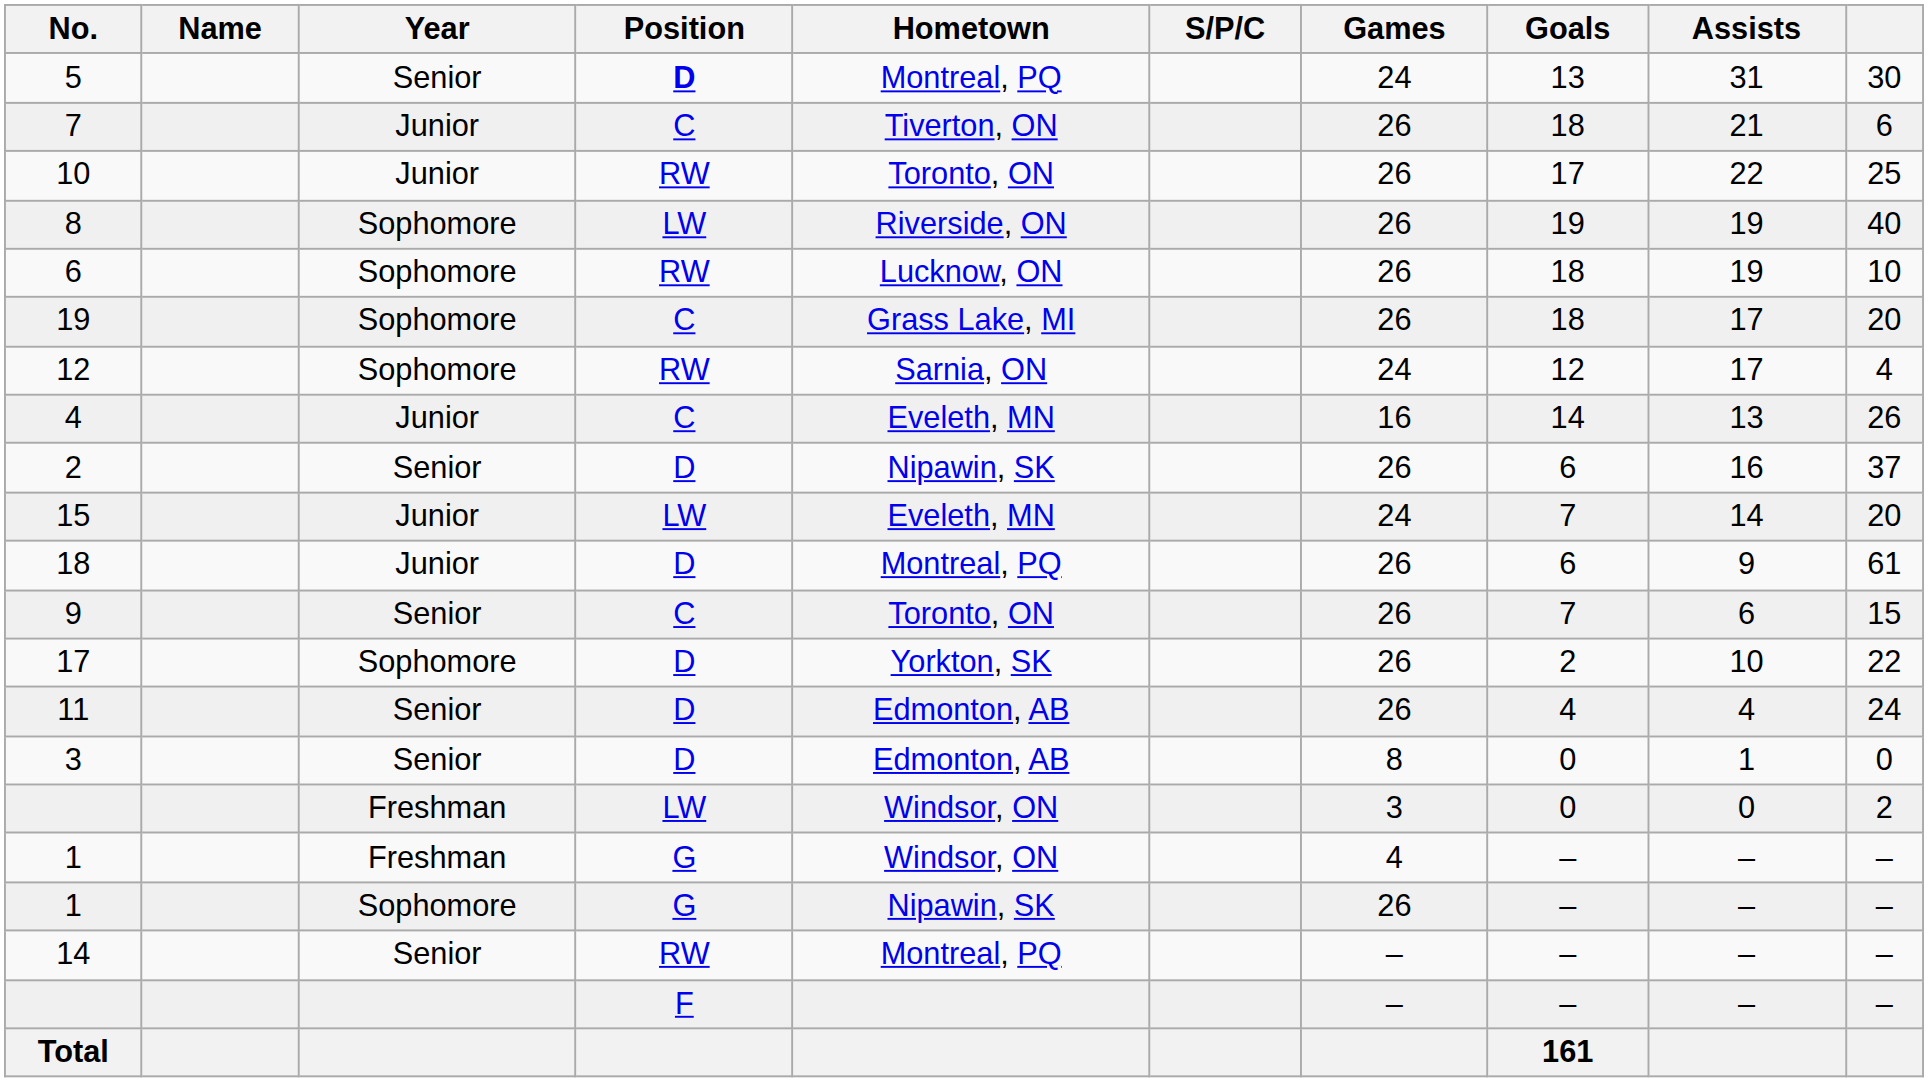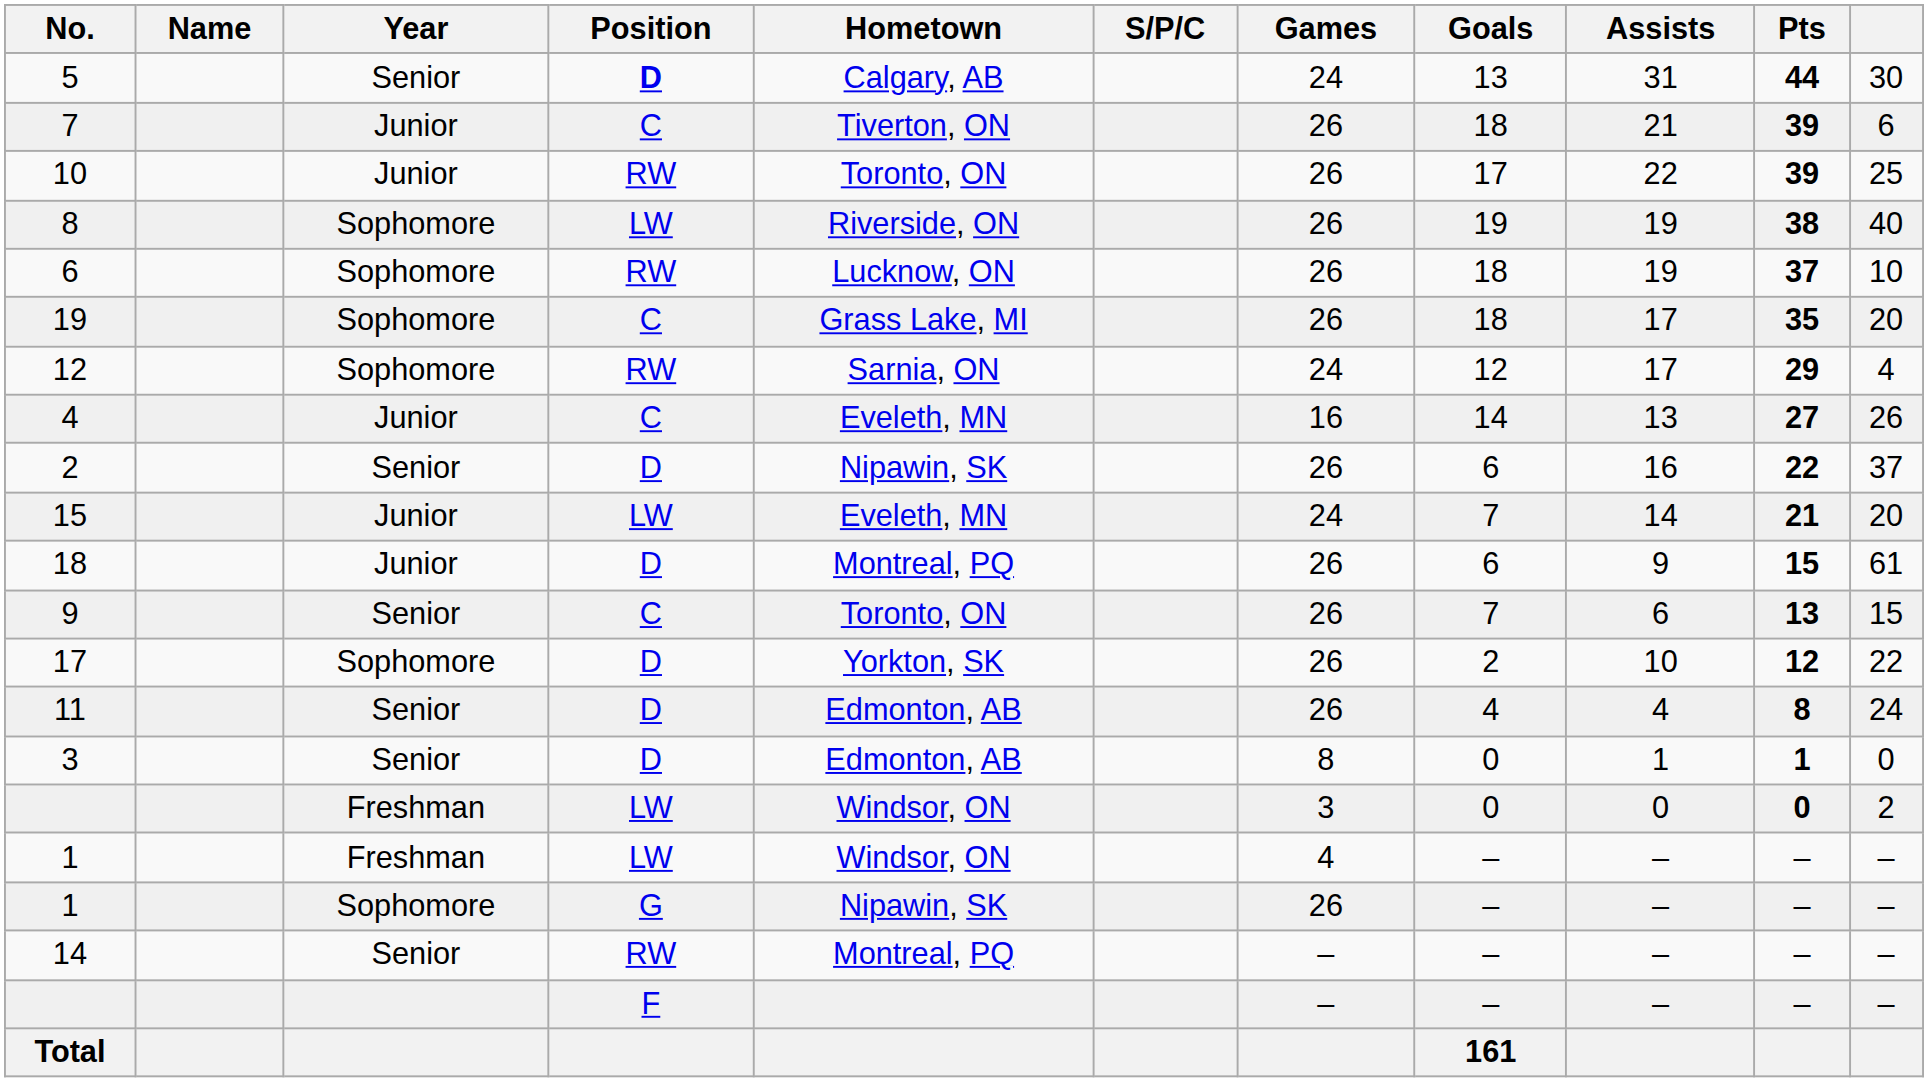 <table class="wikitable sortable" width ="1000">
 <tr align="center">
 <th><strong>No.</strong></th>
 <th><strong>Name</strong></th>
 <th><strong>Year</strong></th>
 <th><strong>Position</strong></th>
 <th><strong>Hometown</strong></th>
 <th><strong>S/P/C</strong></th>
 <th><strong>Games</strong></th>
 <th><strong>Goals</strong></th>
 <th><strong>Assists</strong></th>
+<th><strong>Pts</strong></th>
 <th><strong><a href='#'></a></strong></th>
 </tr>
 <tr align="center" bgcolor="">
 <td>5</td>
 <td></td>
 <td>Senior</td>
 <td><strong><a href='#'>D</a></strong></td>
-<td><a href='#'>Montreal</a>, <a href='#'>PQ</a></td>
+<td><a href='#'>Calgary</a>, <a href='#'>AB</a></td>
 <td></td>
 <td>24</td>
 <td>13</td>
 <td>31</td>
+<td><strong>44</strong></td>
 <td>30</td>
 </tr>
 <tr align="center" bgcolor="f0f0f0">
 <td>7</td>
 <td></td>
 <td>Junior</td>
 <td><a href='#'>C</a></td>
 <td><a href='#'>Tiverton</a>, <a href='#'>ON</a></td>
 <td></td>
 <td>26</td>
 <td>18</td>
 <td>21</td>
+<td><strong>39</strong></td>
 <td>6</td>
 </tr>
 <tr align="center" bgcolor="">
 <td>10</td>
 <td></td>
 <td>Junior</td>
 <td><a href='#'>RW</a></td>
 <td><a href='#'>Toronto</a>, <a href='#'>ON</a></td>
 <td></td>
 <td>26</td>
 <td>17</td>
 <td>22</td>
+<td><strong>39</strong></td>
 <td>25</td>
 </tr>
 <tr align="center" bgcolor="f0f0f0">
 <td>8</td>
 <td></td>
 <td>Sophomore</td>
 <td><a href='#'>LW</a></td>
 <td><a href='#'>Riverside</a>, <a href='#'>ON</a></td>
 <td></td>
 <td>26</td>
 <td>19</td>
 <td>19</td>
+<td><strong>38</strong></td>
 <td>40</td>
 </tr>
 <tr align="center" bgcolor="">
 <td>6</td>
 <td></td>
 <td>Sophomore</td>
 <td><a href='#'>RW</a></td>
 <td><a href='#'>Lucknow</a>, <a href='#'>ON</a></td>
 <td></td>
 <td>26</td>
 <td>18</td>
 <td>19</td>
+<td><strong>37</strong></td>
 <td>10</td>
 </tr>
 <tr align="center" bgcolor="f0f0f0">
 <td>19</td>
 <td></td>
 <td>Sophomore</td>
 <td><a href='#'>C</a></td>
 <td><a href='#'>Grass Lake</a>, <a href='#'>MI</a></td>
 <td></td>
 <td>26</td>
 <td>18</td>
 <td>17</td>
+<td><strong>35</strong></td>
 <td>20</td>
 </tr>
 <tr align="center" bgcolor="">
 <td>12</td>
 <td></td>
 <td>Sophomore</td>
 <td><a href='#'>RW</a></td>
 <td><a href='#'>Sarnia</a>, <a href='#'>ON</a></td>
 <td></td>
 <td>24</td>
 <td>12</td>
 <td>17</td>
+<td><strong>29</strong></td>
 <td>4</td>
 </tr>
 <tr align="center" bgcolor="f0f0f0">
 <td>4</td>
 <td></td>
 <td>Junior</td>
 <td><a href='#'>C</a></td>
 <td><a href='#'>Eveleth</a>, <a href='#'>MN</a></td>
 <td></td>
 <td>16</td>
 <td>14</td>
 <td>13</td>
+<td><strong>27</strong></td>
 <td>26</td>
 </tr>
 <tr align="center" bgcolor="">
 <td>2</td>
 <td></td>
 <td>Senior</td>
 <td><a href='#'>D</a></td>
 <td><a href='#'>Nipawin</a>, <a href='#'>SK</a></td>
 <td></td>
 <td>26</td>
 <td>6</td>
 <td>16</td>
+<td><strong>22</strong></td>
 <td>37</td>
 </tr>
 <tr align="center" bgcolor="f0f0f0">
 <td>15</td>
 <td></td>
 <td>Junior</td>
 <td><a href='#'>LW</a></td>
 <td><a href='#'>Eveleth</a>, <a href='#'>MN</a></td>
 <td></td>
 <td>24</td>
 <td>7</td>
 <td>14</td>
+<td><strong>21</strong></td>
 <td>20</td>
 </tr>
 <tr align="center" bgcolor="">
 <td>18</td>
 <td></td>
 <td>Junior</td>
 <td><a href='#'>D</a></td>
 <td><a href='#'>Montreal</a>, <a href='#'>PQ</a></td>
 <td></td>
 <td>26</td>
 <td>6</td>
 <td>9</td>
+<td><strong>15</strong></td>
 <td>61</td>
 </tr>
 <tr align="center" bgcolor="f0f0f0">
 <td>9</td>
 <td></td>
 <td>Senior</td>
 <td><a href='#'>C</a></td>
 <td><a href='#'>Toronto</a>, <a href='#'>ON</a></td>
 <td></td>
 <td>26</td>
 <td>7</td>
 <td>6</td>
+<td><strong>13</strong></td>
 <td>15</td>
 </tr>
 <tr align="center" bgcolor="">
 <td>17</td>
 <td></td>
 <td>Sophomore</td>
 <td><a href='#'>D</a></td>
 <td><a href='#'>Yorkton</a>, <a href='#'>SK</a></td>
 <td></td>
 <td>26</td>
 <td>2</td>
 <td>10</td>
+<td><strong>12</strong></td>
 <td>22</td>
 </tr>
 <tr align="center" bgcolor="f0f0f0">
 <td>11</td>
 <td></td>
 <td>Senior</td>
 <td><a href='#'>D</a></td>
 <td><a href='#'>Edmonton</a>, <a href='#'>AB</a></td>
 <td></td>
 <td>26</td>
 <td>4</td>
 <td>4</td>
+<td><strong>8</strong></td>
 <td>24</td>
 </tr>
 <tr align="center" bgcolor="">
 <td>3</td>
 <td></td>
 <td>Senior</td>
 <td><a href='#'>D</a></td>
 <td><a href='#'>Edmonton</a>, <a href='#'>AB</a></td>
 <td></td>
 <td>8</td>
 <td>0</td>
 <td>1</td>
+<td><strong>1</strong></td>
 <td>0</td>
 </tr>
 <tr align="center" bgcolor="f0f0f0">
 <td></td>
 <td></td>
 <td>Freshman</td>
 <td><a href='#'>LW</a></td>
 <td><a href='#'>Windsor</a>, <a href='#'>ON</a></td>
 <td></td>
 <td>3</td>
 <td>0</td>
 <td>0</td>
+<td><strong>0</strong></td>
 <td>2</td>
 </tr>
 <tr align="center" bgcolor="">
 <td>1</td>
 <td></td>
 <td>Freshman</td>
-<td><a href='#'>G</a></td>
+<td><a href='#'>LW</a></td>
 <td><a href='#'>Windsor</a>, <a href='#'>ON</a></td>
 <td></td>
 <td>4</td>
+<td>–</td>
 <td>–</td>
 <td>–</td>
 <td>–</td>
 </tr>
 <tr align="center" bgcolor="f0f0f0">
 <td>1</td>
 <td></td>
 <td>Sophomore</td>
 <td><a href='#'>G</a></td>
 <td><a href='#'>Nipawin</a>, <a href='#'>SK</a></td>
 <td></td>
 <td>26</td>
 <td>–</td>
 <td>–</td>
 <td>–</td>
+<td>–</td>
 </tr>
 <tr align="center" bgcolor="">
 <td>14</td>
 <td></td>
 <td>Senior</td>
 <td><a href='#'>RW</a></td>
 <td><a href='#'>Montreal</a>, <a href='#'>PQ</a></td>
 <td></td>
+<td>–</td>
 <td>–</td>
 <td>–</td>
 <td>–</td>
 <td>–</td>
 </tr>
 <tr align="center" bgcolor="f0f0f0">
 <td></td>
 <td></td>
 <td></td>
 <td><a href='#'>F</a></td>
 <td></td>
 <td></td>
 <td>–</td>
 <td>–</td>
 <td>–</td>
 <td>–</td>
+<td>–</td>
 </tr>
 <tr>
 <th>Total</th>
 <th></th>
 <th></th>
 <th></th>
 <th></th>
 <th></th>
 <th></th>
 <th>161</th>
 <th></th>
 <th></th>
+<th></th>
 </tr>
 </table>
